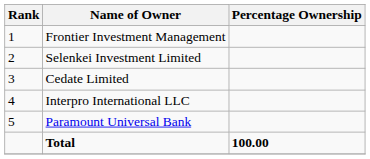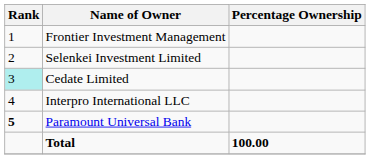 <table class="wikitable sortable" style="margin: 0.5em auto">
 <tr>
 <th>Rank</th>
 <th>Name of Owner</th>
 <th>Percentage Ownership</th>
 </tr>
 <tr>
 <td>1</td>
 <td>Frontier Investment Management</td>
 <td></td>
 </tr>
 <tr>
 <td>2</td>
 <td>Selenkei Investment Limited</td>
 <td></td>
 </tr>
 <tr>
-<td>3</td>
+<td style="background: paleturquoise;">3</td>
 <td>Cedate Limited</td>
 <td></td>
 </tr>
 <tr>
 <td>4</td>
 <td>Interpro International LLC</td>
 <td></td>
 </tr>
 <tr>
-<td>5</td>
+<td><strong>5</strong></td>
 <td><a href='#'>Paramount Universal Bank</a></td>
 <td></td>
 </tr>
 <tr>
 <td></td>
 <td><strong>Total</strong></td>
 <td><strong>100.00</strong></td>
 </tr>
 <tr>
 </tr>
 </table>
